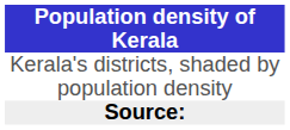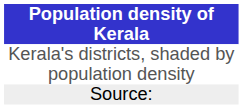 <table class="toccolours" style="float:right; clear:right; font-size:85%; width:175px; margin:0 0 1em 1em;" cellpadding="0" cellspacing="0">
 <tr>
 <td colspan="2" style="text-align:center; background:#33c; color:white;"><strong>Population density of Kerala</strong></td>
 </tr>
 <tr style="background:#fff; color:#555; text-align:center;">
 <td></td>
 </tr>
 <tr style="background:#fff; color:#555; text-align:center;">
 <td>Kerala's districts, shaded by population density </td>
 </tr>
 <tr style="background:#eee; color:black; text-align:center;">
-<td><strong>Source:</strong></td>
+<td>Source:</td>
 </tr>
 </table>
